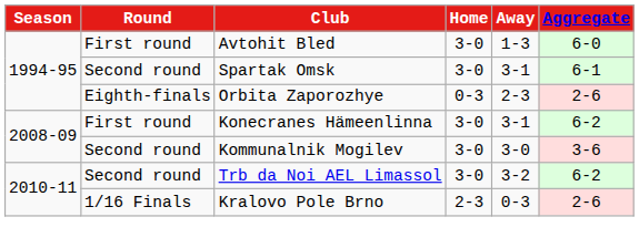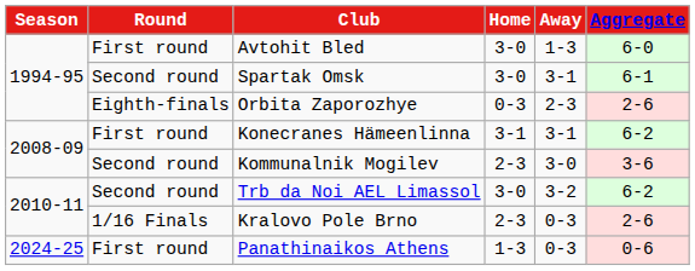 <table class="wikitable">
 <tr>
 <th style="color:white; background:#E41B17;">Season</th>
 <th style="color:white; background:#E41B17;">Round</th>
 <th style="color:white; background:#E41B17;">Club</th>
 <th style="color:white; background:#E41B17;">Home</th>
 <th style="color:white; background:#E41B17;">Away</th>
 <th style="color:white; background:#E41B17;"><a href='#'>Aggregate</a></th>
 </tr>
 <tr>
 <td rowspan="3">1994-95</td>
 <td>First round</td>
 <td>Avtohit Bled</td>
 <td style="text-align:center">3-0</td>
 <td style="text-align:center">1-3</td>
 <td style="text-align:center; background:#dfd;">6-0</td>
 </tr>
 <tr>
 <td>Second round</td>
 <td>Spartak Omsk</td>
 <td style="text-align:center">3-0</td>
 <td style="text-align:center">3-1</td>
 <td style="text-align:center; background:#dfd;">6-1</td>
 </tr>
 <tr>
 <td>Eighth-finals</td>
 <td>Orbita Zaporozhye</td>
 <td style="text-align:center">0-3</td>
 <td style="text-align:center">2-3</td>
 <td style="text-align:center; background:#fdd;">2-6</td>
 </tr>
 <tr>
 <td rowspan="2">2008-09</td>
 <td>First round</td>
 <td>Konecranes Hämeenlinna</td>
-<td style="text-align:center">3-0</td>
+<td style="text-align:center">3-1</td>
 <td style="text-align:center">3-1</td>
 <td style="text-align:center; background:#dfd;">6-2</td>
 </tr>
 <tr>
 <td>Second round</td>
 <td>Kommunalnik Mogilev</td>
-<td style="text-align:center">3-0</td>
+<td style="text-align:center">2-3</td>
 <td style="text-align:center">3-0</td>
 <td style="text-align:center; background:#fdd;">3-6</td>
 </tr>
 <tr>
 <td rowspan="2">2010-11</td>
 <td>Second round</td>
 <td><a href='#'>Trb da Noi AEL Limassol</a></td>
 <td style="text-align:center">3-0</td>
 <td style="text-align:center">3-2</td>
 <td style="text-align:center; background:#dfd;">6-2</td>
 </tr>
 <tr>
 <td>1/16 Finals</td>
 <td>Kralovo Pole Brno</td>
 <td style="text-align:center">2-3</td>
 <td style="text-align:center">0-3</td>
 <td style="text-align:center; background:#fdd;">2-6</td>
 </tr>
+<tr>
+<td><a href='#'>2024-25</a></td>
+<td>First round</td>
+<td><a href='#'>Panathinaikos Athens</a></td>
+<td style="text-align:center">1-3</td>
+<td style="text-align:center">0-3</td>
+<td style="text-align:center; background:#fdd;">0-6</td>
+</tr>
 </table>
